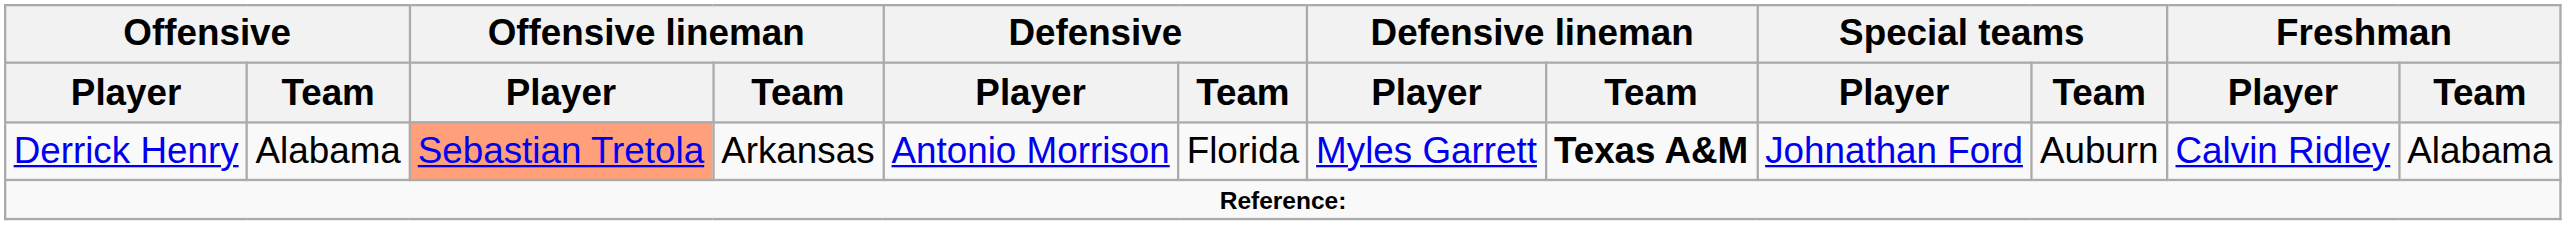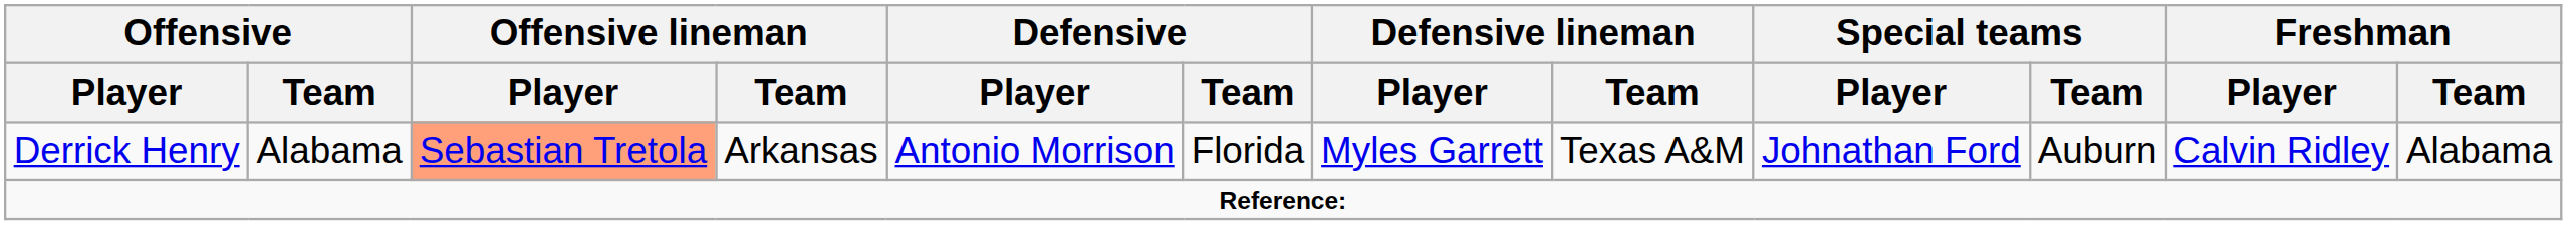 <table class="wikitable">
 <tr>
 <th colspan="2">Offensive</th>
 <th colspan="2">Offensive lineman</th>
 <th colspan="2">Defensive</th>
 <th colspan="2">Defensive lineman</th>
 <th colspan="2">Special teams</th>
 <th colspan="2">Freshman</th>
 </tr>
 <tr>
 <th>Player</th>
 <th>Team</th>
 <th>Player</th>
 <th>Team</th>
 <th>Player</th>
 <th>Team</th>
 <th>Player</th>
 <th>Team</th>
 <th>Player</th>
 <th>Team</th>
 <th>Player</th>
 <th>Team</th>
 </tr>
 <tr>
 <td><a href='#'>Derrick Henry</a></td>
 <td>Alabama</td>
 <td style="background: lightsalmon;"><a href='#'>Sebastian Tretola</a></td>
 <td>Arkansas</td>
 <td><a href='#'>Antonio Morrison</a></td>
 <td>Florida</td>
 <td><a href='#'>Myles Garrett</a></td>
-<td><strong>Texas A&M</strong></td>
+<td>Texas A&M</td>
 <td><a href='#'>Johnathan Ford</a></td>
 <td>Auburn</td>
 <td><a href='#'>Calvin Ridley</a></td>
 <td>Alabama</td>
 </tr>
 <tr>
 <td colspan="12"  style="font-size:8pt; text-align:center;"><strong>Reference:</strong></td>
 </tr>
 </table>
